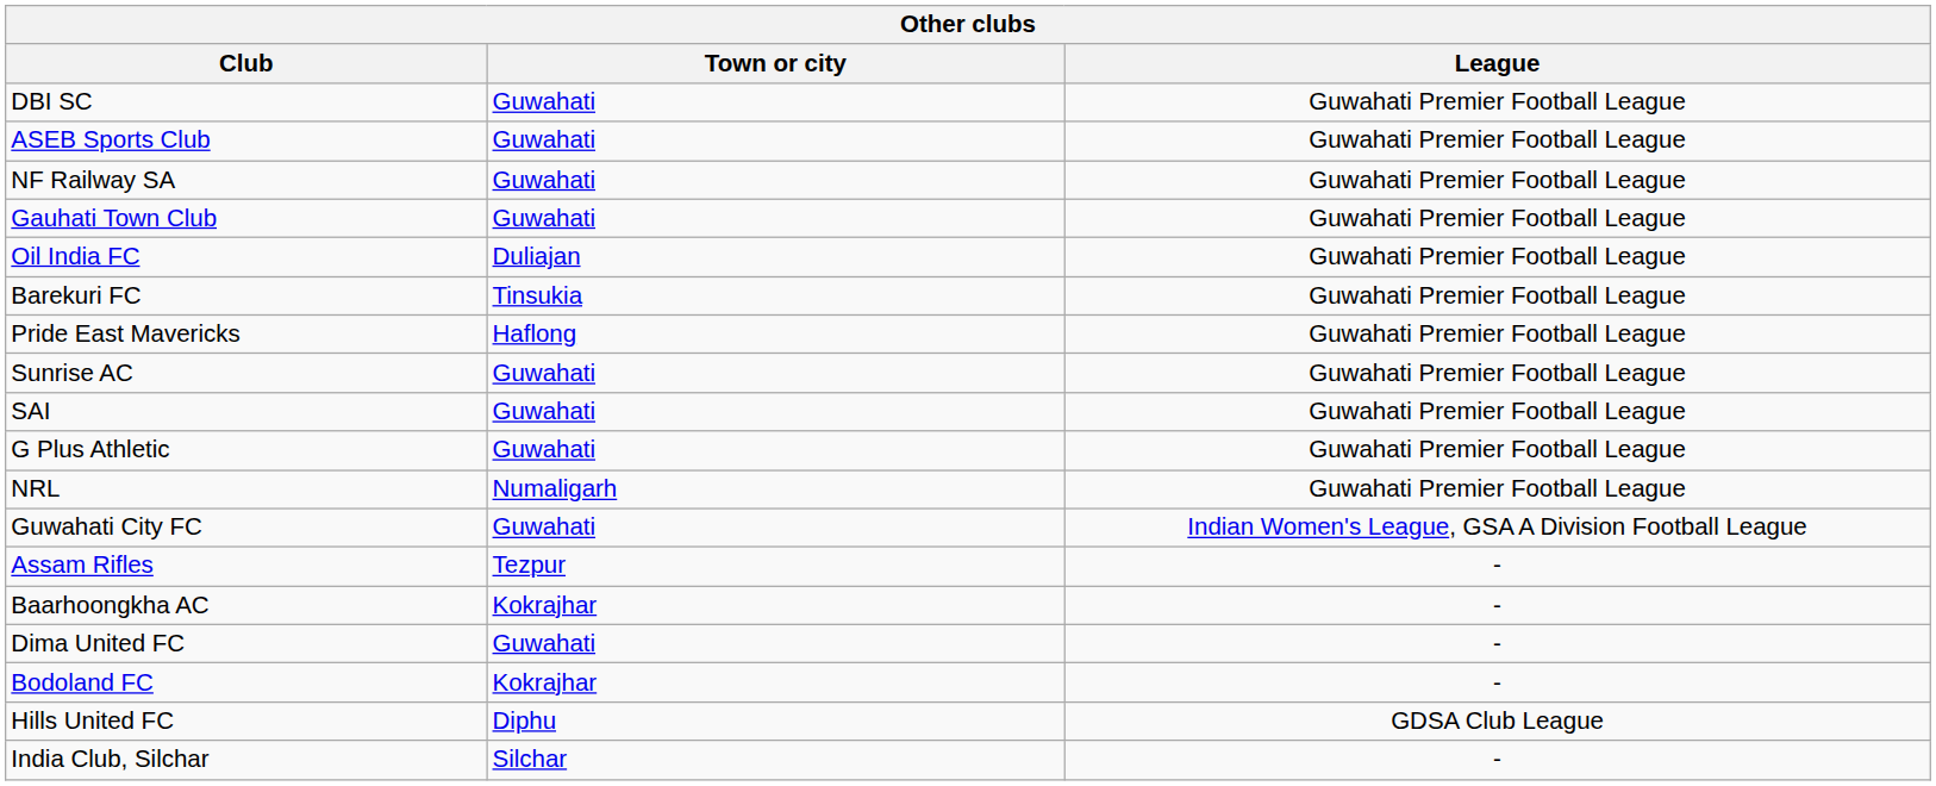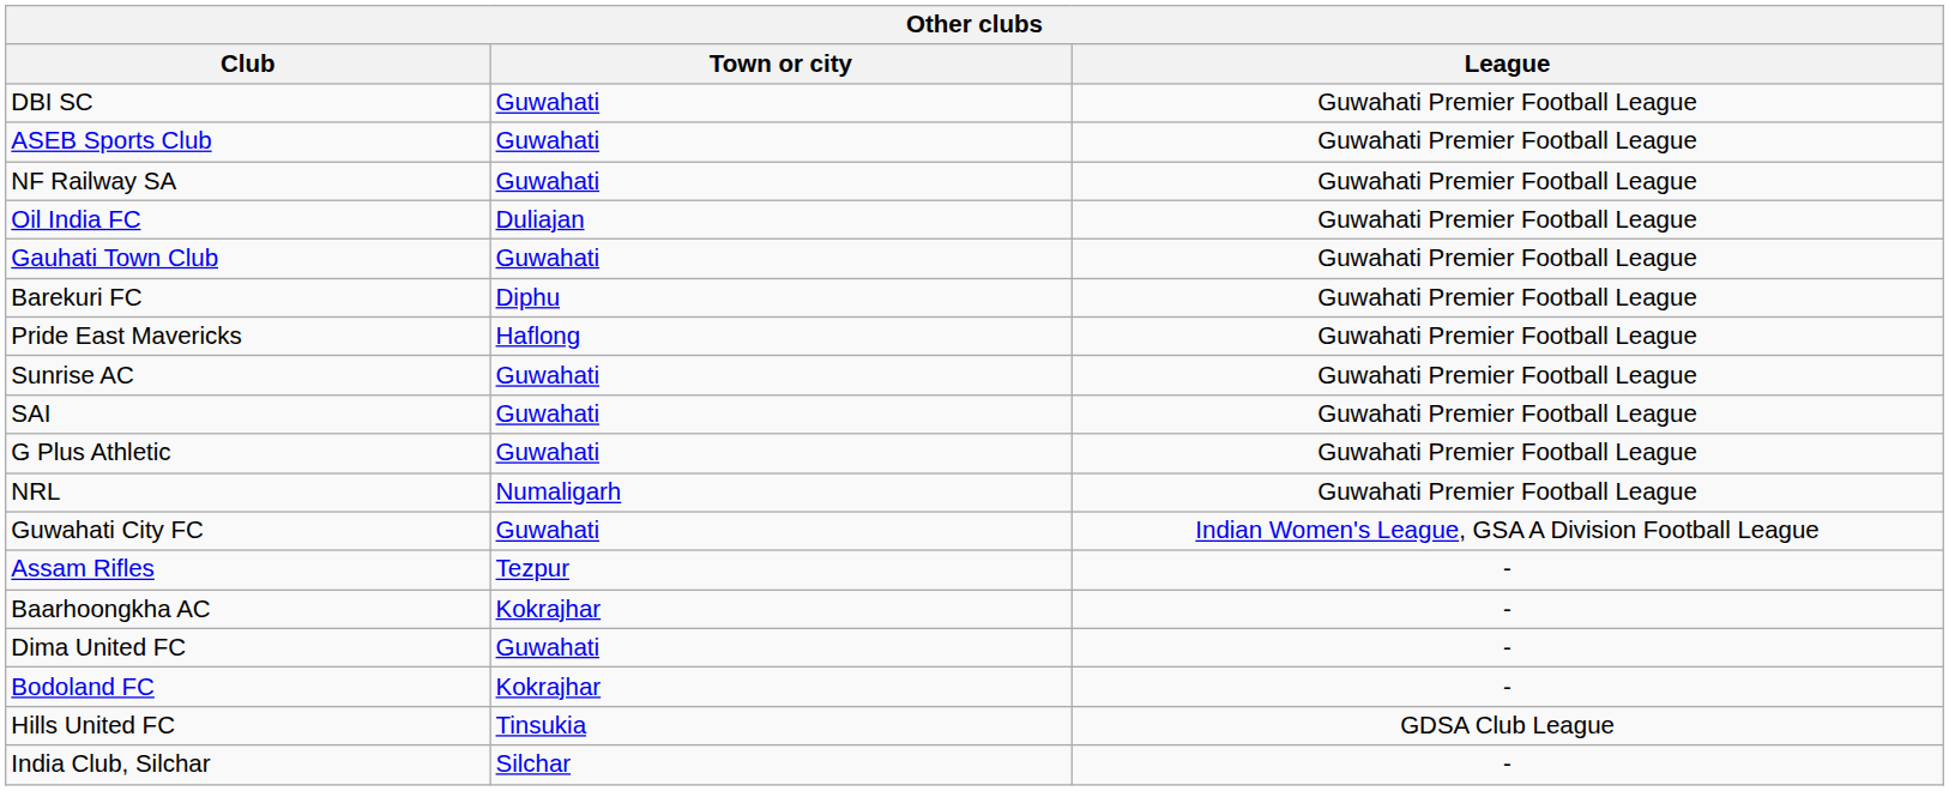 <table class="wikitable sortable" width="100%">
 <tr>
 <th colspan="3">Other clubs</th>
 </tr>
 <tr>
 <th !width="25%">Club</th>
 <th width="30%">Town or city</th>
 <th width="45%">League</th>
 </tr>
 <tr>
 <td>DBI SC</td>
 <td><a href='#'>Guwahati</a></td>
 <td align="center">Guwahati Premier Football League</td>
 </tr>
 <tr>
 <td><a href='#'>ASEB Sports Club</a></td>
 <td><a href='#'>Guwahati</a></td>
 <td align="center">Guwahati Premier Football League</td>
 </tr>
 <tr>
 <td>NF Railway SA</td>
 <td><a href='#'>Guwahati</a></td>
 <td align="center">Guwahati Premier Football League</td>
 </tr>
 <tr>
+<td><a href='#'>Oil India FC</a></td>
+<td><a href='#'>Duliajan</a></td>
+<td align="center">Guwahati Premier Football League</td>
+</tr>
+<tr>
 <td><a href='#'>Gauhati Town Club</a></td>
 <td><a href='#'>Guwahati</a></td>
 <td align="center">Guwahati Premier Football League</td>
 </tr>
 <tr>
-<td><a href='#'>Oil India FC</a></td>
-<td><a href='#'>Duliajan</a></td>
-<td align="center">Guwahati Premier Football League</td>
-</tr>
-<tr>
 <td>Barekuri FC</td>
-<td><a href='#'>Tinsukia</a></td>
+<td><a href='#'>Diphu</a></td>
 <td align="center">Guwahati Premier Football League</td>
 </tr>
 <tr>
 <td>Pride East Mavericks</td>
 <td><a href='#'>Haflong</a></td>
 <td align="center">Guwahati Premier Football League</td>
 </tr>
 <tr>
 <td>Sunrise AC</td>
 <td><a href='#'>Guwahati</a></td>
 <td align="center">Guwahati Premier Football League</td>
 </tr>
 <tr>
 <td>SAI</td>
 <td><a href='#'>Guwahati</a></td>
 <td align="center">Guwahati Premier Football League</td>
 </tr>
 <tr>
 <td>G Plus Athletic</td>
 <td><a href='#'>Guwahati</a></td>
 <td align="center">Guwahati Premier Football League</td>
 </tr>
 <tr>
 <td>NRL</td>
 <td><a href='#'>Numaligarh</a></td>
 <td align="center">Guwahati Premier Football League</td>
 </tr>
 <tr>
 <td>Guwahati City FC</td>
 <td><a href='#'>Guwahati</a></td>
 <td align="center"><a href='#'>Indian Women's League</a>, GSA A Division Football League</td>
 </tr>
 <tr>
 <td><a href='#'>Assam Rifles</a></td>
 <td><a href='#'>Tezpur</a></td>
 <td align="center">-</td>
 </tr>
 <tr>
 <td>Baarhoongkha AC</td>
 <td><a href='#'>Kokrajhar</a></td>
 <td align="center">-</td>
 </tr>
 <tr>
 <td>Dima United FC</td>
 <td><a href='#'>Guwahati</a></td>
 <td align="center">-</td>
 </tr>
 <tr>
 <td><a href='#'>Bodoland FC</a></td>
 <td><a href='#'>Kokrajhar</a></td>
 <td align="center">-</td>
 </tr>
 <tr>
 <td>Hills United FC</td>
-<td><a href='#'>Diphu</a></td>
+<td><a href='#'>Tinsukia</a></td>
 <td align="center">GDSA Club League</td>
 </tr>
 <tr>
 <td>India Club, Silchar</td>
 <td><a href='#'>Silchar</a></td>
 <td align="center">-</td>
 </tr>
 </table>
